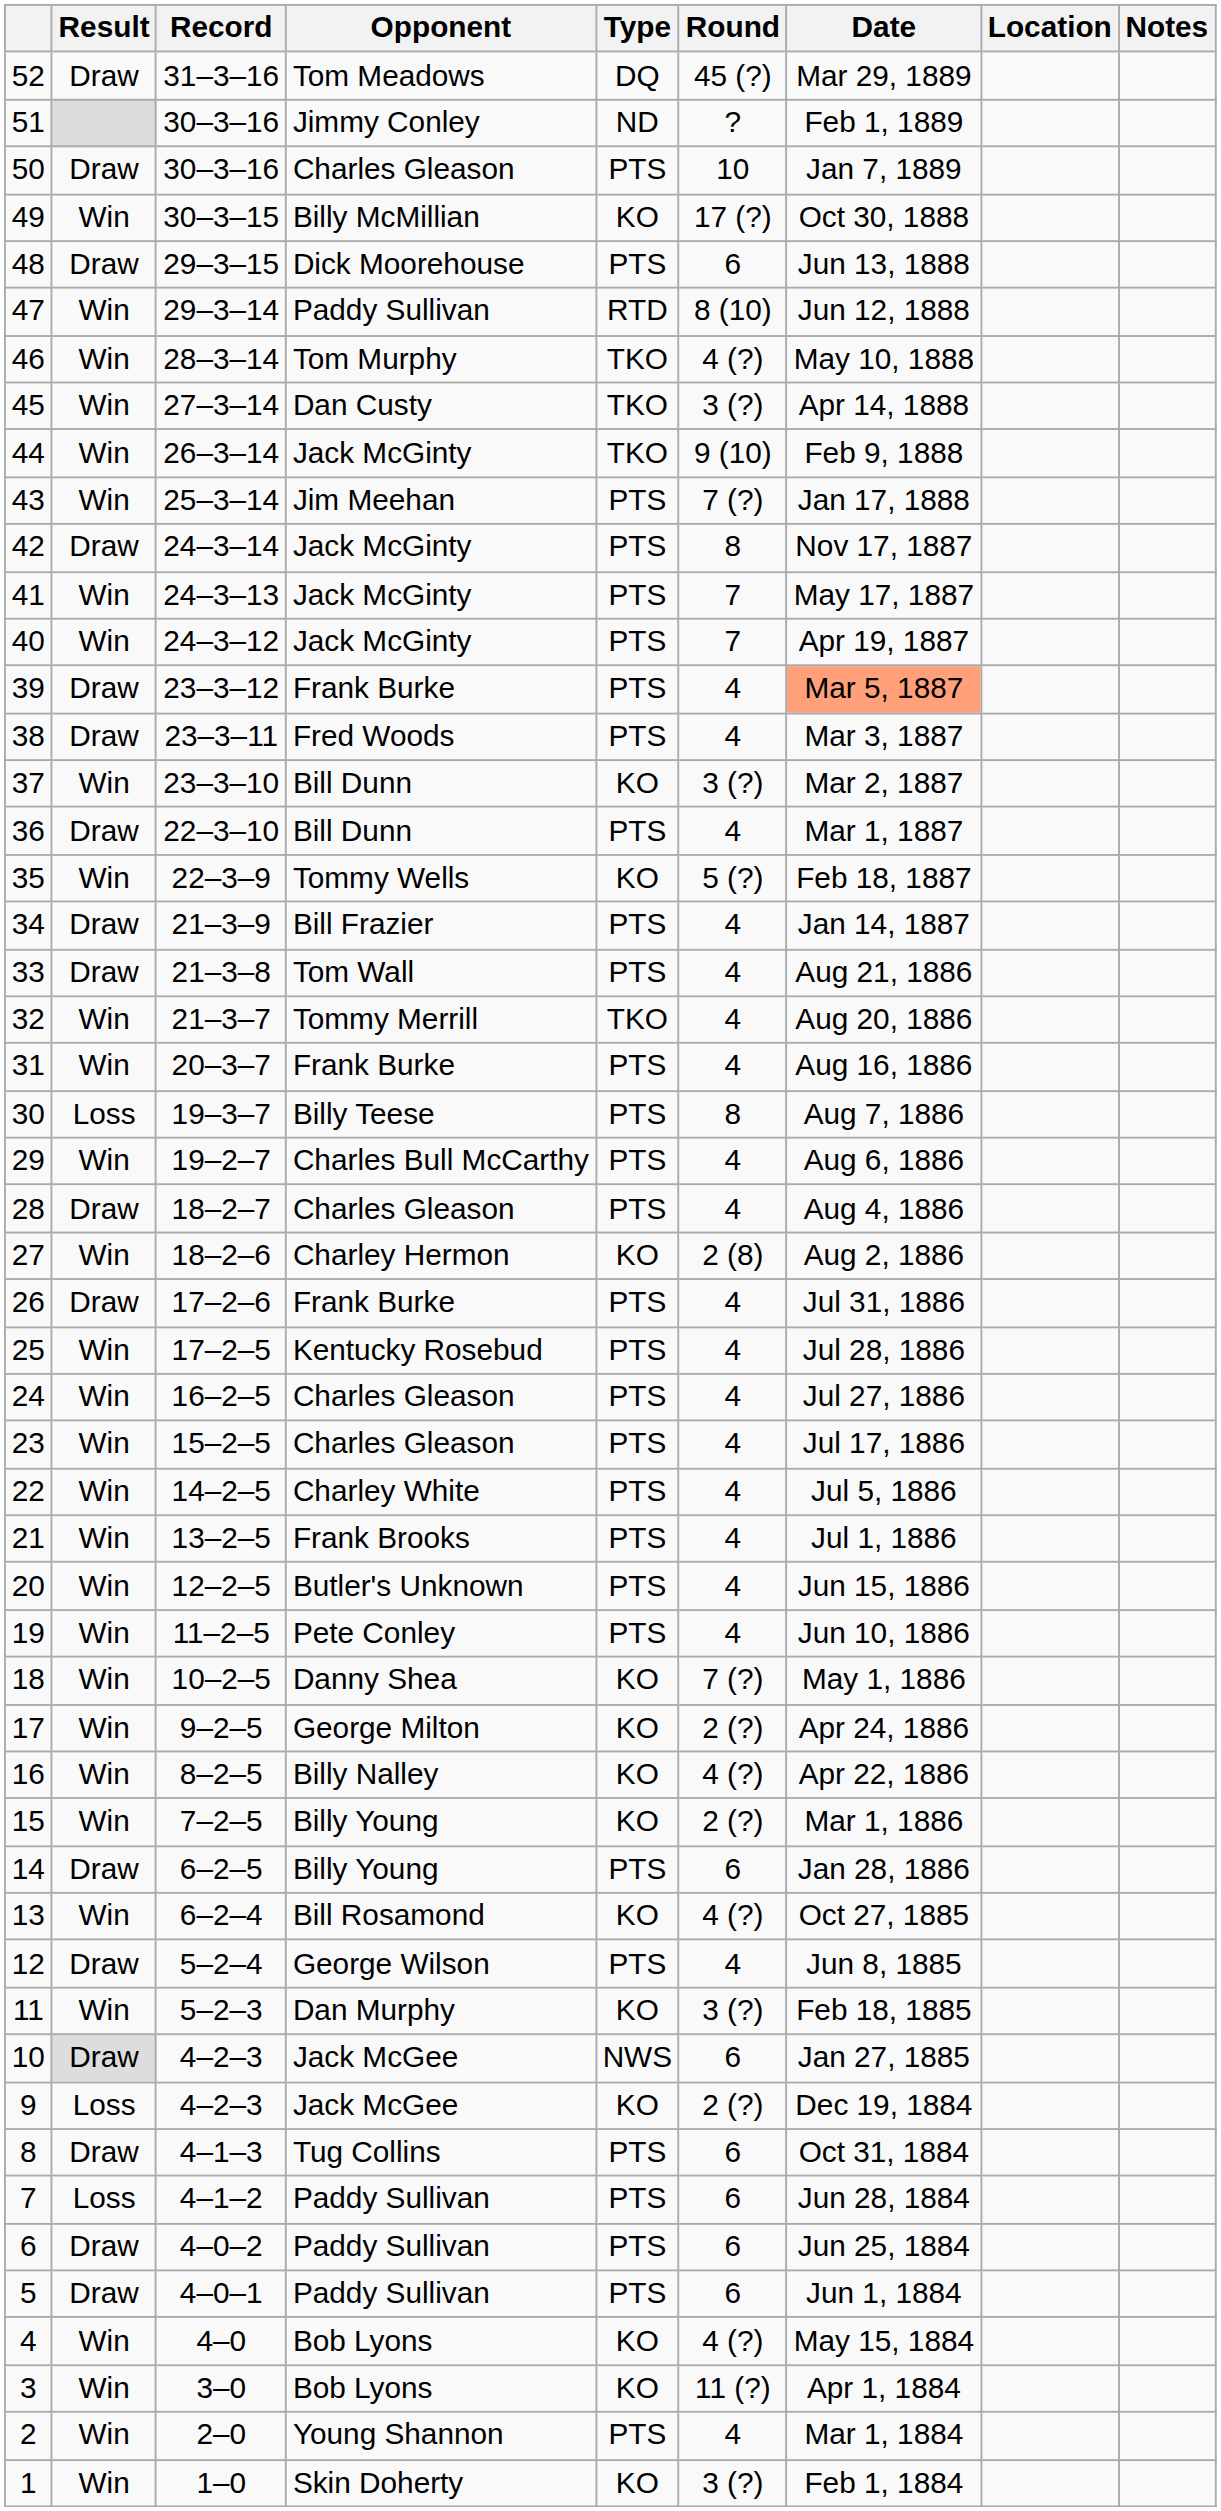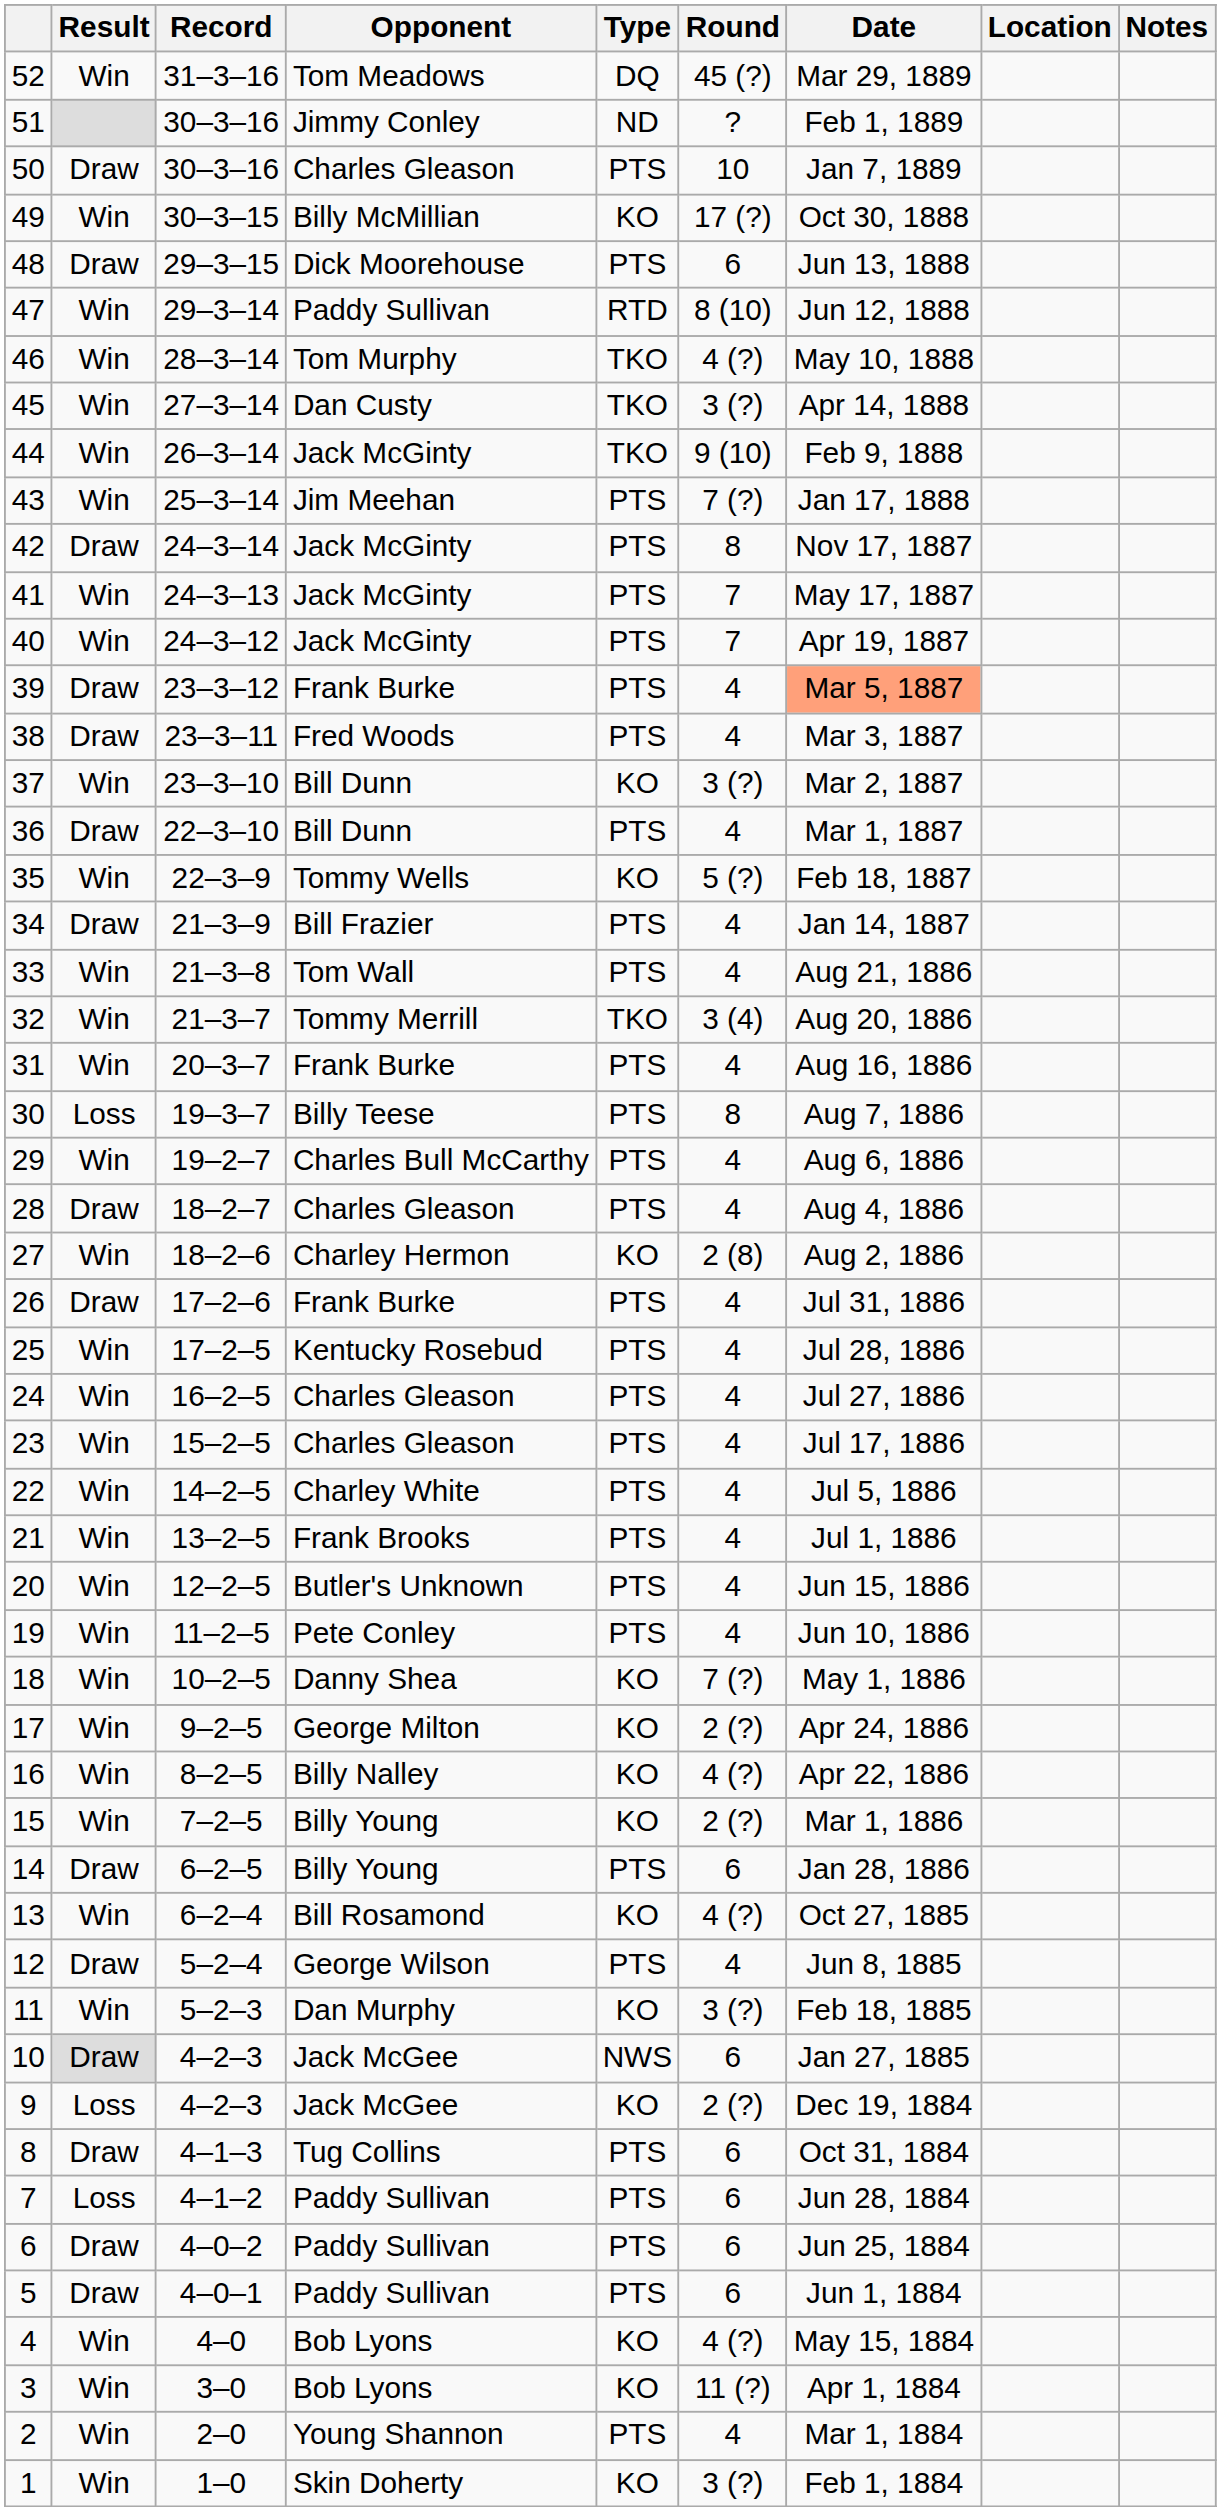 <table class="wikitable" style="text-align:center">
 <tr>
 <th></th>
 <th>Result</th>
 <th>Record</th>
 <th>Opponent</th>
 <th>Type</th>
 <th>Round</th>
 <th>Date</th>
 <th>Location</th>
 <th>Notes</th>
 </tr>
 <tr>
 <td>52</td>
-<td>Draw</td>
+<td>Win</td>
 <td>31–3–16 </td>
 <td align=left>Tom Meadows</td>
 <td>DQ</td>
 <td>45 (?)</td>
 <td>Mar 29, 1889</td>
 <td align=left></td>
 <td style="text-align:left;"></td>
 </tr>
 <tr>
 <td>51</td>
 <td style="background:#DDD"></td>
 <td>30–3–16 </td>
 <td align=left>Jimmy Conley</td>
 <td>ND</td>
 <td>?</td>
 <td>Feb 1, 1889</td>
 <td align=left></td>
 <td align=left></td>
 </tr>
 <tr>
 <td>50</td>
 <td>Draw</td>
 <td>30–3–16 </td>
 <td align=left>Charles Gleason</td>
 <td>PTS</td>
 <td>10</td>
 <td>Jan 7, 1889</td>
 <td align=left></td>
 <td></td>
 </tr>
 <tr>
 <td>49</td>
 <td>Win</td>
 <td>30–3–15 </td>
 <td align=left>Billy McMillian</td>
 <td>KO</td>
 <td>17 (?)</td>
 <td>Oct 30, 1888</td>
 <td align=left></td>
 <td style="text-align:left;"></td>
 </tr>
 <tr>
 <td>48</td>
 <td>Draw</td>
 <td>29–3–15 </td>
 <td align=left>Dick Moorehouse</td>
 <td>PTS</td>
 <td>6</td>
 <td>Jun 13, 1888</td>
 <td align=left></td>
 <td></td>
 </tr>
 <tr>
 <td>47</td>
 <td>Win</td>
 <td>29–3–14 </td>
 <td align=left>Paddy Sullivan</td>
 <td>RTD</td>
 <td>8 (10)</td>
 <td>Jun 12, 1888</td>
 <td align=left></td>
 <td></td>
 </tr>
 <tr>
 <td>46</td>
 <td>Win</td>
 <td>28–3–14 </td>
 <td align=left>Tom Murphy</td>
 <td>TKO</td>
 <td>4 (?)</td>
 <td>May 10, 1888</td>
 <td align=left></td>
 <td></td>
 </tr>
 <tr>
 <td>45</td>
 <td>Win</td>
 <td>27–3–14 </td>
 <td align=left>Dan Custy</td>
 <td>TKO</td>
 <td>3 (?)</td>
 <td>Apr 14, 1888</td>
 <td align=left></td>
 <td></td>
 </tr>
 <tr>
 <td>44</td>
 <td>Win</td>
 <td>26–3–14 </td>
 <td align=left>Jack McGinty</td>
 <td>TKO</td>
 <td>9 (10)</td>
 <td>Feb 9, 1888</td>
 <td align=left></td>
 <td></td>
 </tr>
 <tr>
 <td>43</td>
 <td>Win</td>
 <td>25–3–14 </td>
 <td align=left>Jim Meehan</td>
 <td>PTS</td>
 <td>7 (?)</td>
 <td>Jan 17, 1888</td>
 <td align=left></td>
 <td></td>
 </tr>
 <tr>
 <td>42</td>
 <td>Draw</td>
 <td>24–3–14 </td>
 <td align=left>Jack McGinty</td>
 <td>PTS</td>
 <td>8</td>
 <td>Nov 17, 1887</td>
 <td align=left></td>
 <td></td>
 </tr>
 <tr>
 <td>41</td>
 <td>Win</td>
 <td>24–3–13 </td>
 <td align=left>Jack McGinty</td>
 <td>PTS</td>
 <td>7</td>
 <td>May 17, 1887</td>
 <td align=left></td>
 <td></td>
 </tr>
 <tr>
 <td>40</td>
 <td>Win</td>
 <td>24–3–12 </td>
 <td align=left>Jack McGinty</td>
 <td>PTS</td>
 <td>7</td>
 <td>Apr 19, 1887</td>
 <td align=left></td>
 <td></td>
 </tr>
 <tr>
 <td>39</td>
 <td>Draw</td>
 <td>23–3–12 </td>
 <td align=left>Frank Burke</td>
 <td>PTS</td>
 <td>4</td>
 <td style="background: lightsalmon;">Mar 5, 1887</td>
 <td align=left></td>
 <td></td>
 </tr>
 <tr>
 <td>38</td>
 <td>Draw</td>
 <td>23–3–11 </td>
 <td align=left>Fred Woods</td>
 <td>PTS</td>
 <td>4</td>
 <td>Mar 3, 1887</td>
 <td align=left></td>
 <td></td>
 </tr>
 <tr>
 <td>37</td>
 <td>Win</td>
 <td>23–3–10 </td>
 <td align=left>Bill Dunn</td>
 <td>KO</td>
 <td>3 (?)</td>
 <td>Mar 2, 1887</td>
 <td align=left></td>
 <td></td>
 </tr>
 <tr>
 <td>36</td>
 <td>Draw</td>
 <td>22–3–10 </td>
 <td align=left>Bill Dunn</td>
 <td>PTS</td>
 <td>4</td>
 <td>Mar 1, 1887</td>
 <td align=left></td>
 <td align=left></td>
 </tr>
 <tr>
 <td>35</td>
 <td>Win</td>
 <td>22–3–9 </td>
 <td align=left>Tommy Wells</td>
 <td>KO</td>
 <td>5 (?)</td>
 <td>Feb 18, 1887</td>
 <td align=left></td>
 <td></td>
 </tr>
 <tr>
 <td>34</td>
 <td>Draw</td>
 <td>21–3–9 </td>
 <td align=left>Bill Frazier</td>
 <td>PTS</td>
 <td>4</td>
 <td>Jan 14, 1887</td>
 <td align=left></td>
 <td></td>
 </tr>
 <tr>
 <td>33</td>
-<td>Draw</td>
+<td>Win</td>
 <td>21–3–8 </td>
 <td align=left>Tom Wall</td>
 <td>PTS</td>
 <td>4</td>
 <td>Aug 21, 1886</td>
 <td align=left></td>
 <td></td>
 </tr>
 <tr>
 <td>32</td>
 <td>Win</td>
 <td>21–3–7 </td>
 <td align=left>Tommy Merrill</td>
 <td>TKO</td>
-<td>4</td>
+<td>3 (4)</td>
 <td>Aug 20, 1886</td>
 <td align=left></td>
 <td></td>
 </tr>
 <tr>
 <td>31</td>
 <td>Win</td>
 <td>20–3–7 </td>
 <td align=left>Frank Burke</td>
 <td>PTS</td>
 <td>4</td>
 <td>Aug 16, 1886</td>
 <td align=left></td>
 <td></td>
 </tr>
 <tr>
 <td>30</td>
 <td>Loss</td>
 <td>19–3–7 </td>
 <td align=left>Billy Teese</td>
 <td>PTS</td>
 <td>8</td>
 <td>Aug 7, 1886</td>
 <td align=left></td>
 <td></td>
 </tr>
 <tr>
 <td>29</td>
 <td>Win</td>
 <td>19–2–7 </td>
 <td align=left>Charles Bull McCarthy</td>
 <td>PTS</td>
 <td>4</td>
 <td>Aug 6, 1886</td>
 <td align=left></td>
 <td></td>
 </tr>
 <tr>
 <td>28</td>
 <td>Draw</td>
 <td>18–2–7 </td>
 <td align=left>Charles Gleason</td>
 <td>PTS</td>
 <td>4</td>
 <td>Aug 4, 1886</td>
 <td align=left></td>
 <td></td>
 </tr>
 <tr>
 <td>27</td>
 <td>Win</td>
 <td>18–2–6 </td>
 <td align=left>Charley Hermon</td>
 <td>KO</td>
 <td>2 (8)</td>
 <td>Aug 2, 1886</td>
 <td align=left></td>
 <td align=left></td>
 </tr>
 <tr>
 <td>26</td>
 <td>Draw</td>
 <td>17–2–6 </td>
 <td align=left>Frank Burke</td>
 <td>PTS</td>
 <td>4</td>
 <td>Jul 31, 1886</td>
 <td align=left></td>
 <td></td>
 </tr>
 <tr>
 <td>25</td>
 <td>Win</td>
 <td>17–2–5 </td>
 <td align=left>Kentucky Rosebud</td>
 <td>PTS</td>
 <td>4</td>
 <td>Jul 28, 1886</td>
 <td align=left></td>
 <td></td>
 </tr>
 <tr>
 <td>24</td>
 <td>Win</td>
 <td>16–2–5 </td>
 <td align=left>Charles Gleason</td>
 <td>PTS</td>
 <td>4</td>
 <td>Jul 27, 1886</td>
 <td align=left></td>
 <td></td>
 </tr>
 <tr>
 <td>23</td>
 <td>Win</td>
 <td>15–2–5 </td>
 <td align=left>Charles Gleason</td>
 <td>PTS</td>
 <td>4</td>
 <td>Jul 17, 1886</td>
 <td align=left></td>
 <td></td>
 </tr>
 <tr>
 <td>22</td>
 <td>Win</td>
 <td>14–2–5 </td>
 <td align=left>Charley White</td>
 <td>PTS</td>
 <td>4</td>
 <td>Jul 5, 1886</td>
 <td align=left></td>
 <td align=left></td>
 </tr>
 <tr>
 <td>21</td>
 <td>Win</td>
 <td>13–2–5 </td>
 <td align=left>Frank Brooks</td>
 <td>PTS</td>
 <td>4</td>
 <td>Jul 1, 1886</td>
 <td align=left></td>
 <td align=left></td>
 </tr>
 <tr>
 <td>20</td>
 <td>Win</td>
 <td>12–2–5 </td>
 <td align=left>Butler's Unknown</td>
 <td>PTS</td>
 <td>4</td>
 <td>Jun 15, 1886</td>
 <td align=left></td>
 <td align=left></td>
 </tr>
 <tr>
 <td>19</td>
 <td>Win</td>
 <td>11–2–5 </td>
 <td align=left>Pete Conley</td>
 <td>PTS</td>
 <td>4</td>
 <td>Jun 10, 1886</td>
 <td align=left></td>
 <td align=left></td>
 </tr>
 <tr>
 <td>18</td>
 <td>Win</td>
 <td>10–2–5 </td>
 <td align=left>Danny Shea</td>
 <td>KO</td>
 <td>7 (?)</td>
 <td>May 1, 1886</td>
 <td align=left></td>
 <td align=left></td>
 </tr>
 <tr>
 <td>17</td>
 <td>Win</td>
 <td>9–2–5 </td>
 <td align=left>George Milton</td>
 <td>KO</td>
 <td>2 (?)</td>
 <td>Apr 24, 1886</td>
 <td align=left></td>
 <td></td>
 </tr>
 <tr>
 <td>16</td>
 <td>Win</td>
 <td>8–2–5 </td>
 <td align=left>Billy Nalley</td>
 <td>KO</td>
 <td>4 (?)</td>
 <td>Apr 22, 1886</td>
 <td align=left></td>
 <td></td>
 </tr>
 <tr>
 <td>15</td>
 <td>Win</td>
 <td>7–2–5 </td>
 <td align=left>Billy Young</td>
 <td>KO</td>
 <td>2 (?)</td>
 <td>Mar 1, 1886</td>
 <td align=left></td>
 <td align=left></td>
 </tr>
 <tr>
 <td>14</td>
 <td>Draw</td>
 <td>6–2–5 </td>
 <td align=left>Billy Young</td>
 <td>PTS</td>
 <td>6</td>
 <td>Jan 28, 1886</td>
 <td align=left></td>
 <td></td>
 </tr>
 <tr>
 <td>13</td>
 <td>Win</td>
 <td>6–2–4 </td>
 <td align=left>Bill Rosamond</td>
 <td>KO</td>
 <td>4 (?)</td>
 <td>Oct 27, 1885</td>
 <td align=left></td>
 <td></td>
 </tr>
 <tr>
 <td>12</td>
 <td>Draw</td>
 <td>5–2–4 </td>
 <td align=left>George Wilson</td>
 <td>PTS</td>
 <td>4</td>
 <td>Jun 8, 1885</td>
 <td align=left></td>
 <td></td>
 </tr>
 <tr>
 <td>11</td>
 <td>Win</td>
 <td>5–2–3 </td>
 <td align=left>Dan Murphy</td>
 <td>KO</td>
 <td>3 (?)</td>
 <td>Feb 18, 1885</td>
 <td align=left></td>
 <td></td>
 </tr>
 <tr>
 <td>10</td>
 <td style="background:#DDD">Draw</td>
 <td>4–2–3 </td>
 <td align=left>Jack McGee</td>
 <td>NWS</td>
 <td>6</td>
 <td>Jan 27, 1885</td>
 <td align=left></td>
 <td></td>
 </tr>
 <tr>
 <td>9</td>
 <td>Loss</td>
 <td>4–2–3</td>
 <td align=left>Jack McGee</td>
 <td>KO</td>
 <td>2 (?)</td>
 <td>Dec 19, 1884</td>
 <td align=left></td>
 <td></td>
 </tr>
 <tr>
 <td>8</td>
 <td>Draw</td>
 <td>4–1–3</td>
 <td align=left>Tug Collins</td>
 <td>PTS</td>
 <td>6</td>
 <td>Oct 31, 1884</td>
 <td align=left></td>
 <td></td>
 </tr>
 <tr>
 <td>7</td>
 <td>Loss</td>
 <td>4–1–2</td>
 <td align=left>Paddy Sullivan</td>
 <td>PTS</td>
 <td>6</td>
 <td>Jun 28, 1884</td>
 <td align=left></td>
 <td></td>
 </tr>
 <tr>
 <td>6</td>
 <td>Draw</td>
 <td>4–0–2</td>
 <td align=left>Paddy Sullivan</td>
 <td>PTS</td>
 <td>6</td>
 <td>Jun 25, 1884</td>
 <td align=left></td>
 <td></td>
 </tr>
 <tr>
 <td>5</td>
 <td>Draw</td>
 <td>4–0–1</td>
 <td align=left>Paddy Sullivan</td>
 <td>PTS</td>
 <td>6</td>
 <td>Jun 1, 1884</td>
 <td align=left></td>
 <td align=left></td>
 </tr>
 <tr>
 <td>4</td>
 <td>Win</td>
 <td>4–0</td>
 <td align=left>Bob Lyons</td>
 <td>KO</td>
 <td>4 (?)</td>
 <td>May 15, 1884</td>
 <td align=left></td>
 <td></td>
 </tr>
 <tr>
 <td>3</td>
 <td>Win</td>
 <td>3–0</td>
 <td align=left>Bob Lyons</td>
 <td>KO</td>
 <td>11 (?)</td>
 <td>Apr 1, 1884</td>
 <td align=left></td>
 <td align=left></td>
 </tr>
 <tr>
 <td>2</td>
 <td>Win</td>
 <td>2–0</td>
 <td align=left>Young Shannon</td>
 <td>PTS</td>
 <td>4</td>
 <td>Mar 1, 1884</td>
 <td align=left></td>
 <td align=left></td>
 </tr>
 <tr>
 <td>1</td>
 <td>Win</td>
 <td>1–0</td>
 <td align=left>Skin Doherty</td>
 <td>KO</td>
 <td>3 (?)</td>
 <td>Feb 1, 1884</td>
 <td align=left></td>
 <td align=left></td>
 </tr>
 <tr>
 </tr>
 </table>
